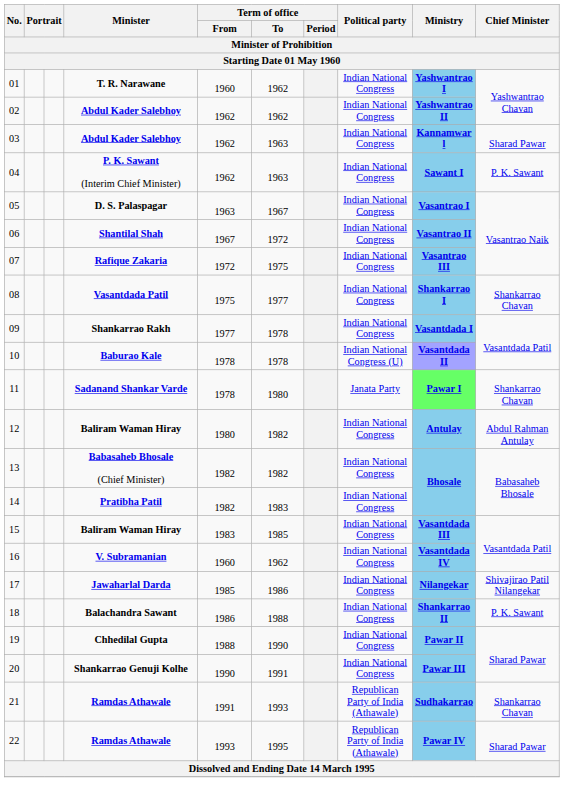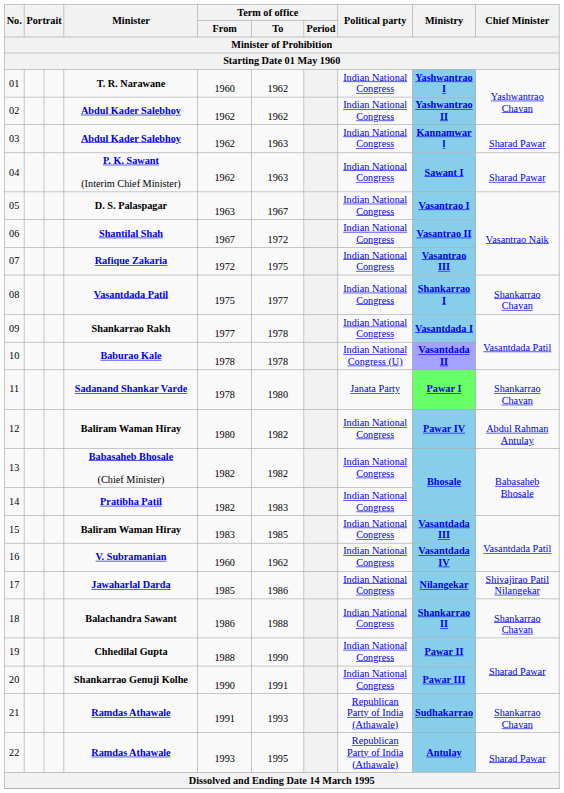 <table class="wikitable" style="text-align:center">
 <tr>
 <th rowspan="2">No.</th>
 <th rowspan="2" colspan="2">Portrait</th>
 <th rowspan="2" style="width:16em">Minister<br></th>
 <th colspan="3">Term of office</th>
 <th rowspan="2" style="width:8em">Political party</th>
 <th rowspan="2">Ministry</th>
 <th rowspan="2" style="width:9em">Chief Minister</th>
 </tr>
 <tr>
 <th style="width:6em">From</th>
 <th style="width:6em">To</th>
 <th>Period</th>
 </tr>
 <tr>
 <th colspan="10">Minister of Prohibition</th>
 </tr>
 <tr>
 <th colspan="10">Starting Date 01 May 1960</th>
 </tr>
 <tr>
 <td>01</td>
 <td style="color:inherit;background:"></td>
 <td></td>
 <td><strong>T. R. Narawane</strong> <br> </td>
 <td><br>1960</td>
 <td><br>1962</td>
 <th></th>
 <td><a href='#'>Indian National Congress</a></td>
 <td bgcolor="#87CEEB"><a href='#'><strong>Yashwantrao I</strong></a></td>
 <td rowspan="2"> <br><a href='#'>Yashwantrao Chavan</a></td>
 </tr>
 <tr>
 <td>02</td>
 <td style="color:inherit;background:"></td>
 <td></td>
 <td><strong><a href='#'>Abdul Kader Salebhoy</a></strong> <br> </td>
 <td><br>1962</td>
 <td><br>1962</td>
 <th></th>
 <td><a href='#'>Indian National Congress</a></td>
 <td bgcolor="#87CEEB"><a href='#'><strong>Yashwantrao II</strong></a></td>
 </tr>
 <tr>
 <td>03</td>
 <td style="color:inherit;background:"></td>
 <td></td>
 <td><strong><a href='#'>Abdul Kader Salebhoy</a></strong> <br> </td>
 <td><br>1962</td>
 <td><br>1963</td>
 <th></th>
 <td><a href='#'>Indian National Congress</a></td>
 <td bgcolor="#87CEEB"><a href='#'><strong>Kannamwar l</strong></a></td>
 <td rowspan="1"><br><a href='#'>Sharad Pawar</a></td>
 </tr>
 <tr>
 <td>04</td>
 <td style="color:inherit;background:"></td>
 <td></td>
 <td><strong><a href='#'>P. K. Sawant</a></strong> <br>  <br>(Interim Chief Minister)</td>
 <td><br>1962</td>
 <td><br>1963</td>
 <th></th>
 <td><a href='#'>Indian National Congress</a></td>
 <td bgcolor="#87CEEB"><a href='#'><strong>Sawant I</strong></a></td>
-<td><a href='#'>P. K. Sawant</a></td>
+<td rowspan="1"><br><a href='#'>Sharad Pawar</a></td>
 </tr>
 <tr>
 <td>05</td>
 <td style="color:inherit;background:"></td>
 <td></td>
 <td><strong>D. S. Palaspagar</strong> <br> </td>
 <td><br>1963</td>
 <td><br>1967</td>
 <th></th>
 <td><a href='#'>Indian National Congress</a></td>
 <td bgcolor="#87CEEB"><a href='#'><strong>Vasantrao I</strong></a></td>
 <td rowspan="3"><br><a href='#'>Vasantrao Naik</a></td>
 </tr>
 <tr>
 <td>06</td>
 <td style="color:inherit;background:"></td>
 <td></td>
 <td><strong><a href='#'>Shantilal Shah</a></strong> <br> </td>
 <td><br>1967</td>
 <td><br>1972</td>
 <th></th>
 <td><a href='#'>Indian National Congress</a></td>
 <td rowspan="1" bgcolor="#87CEEB"><a href='#'><strong>Vasantrao II</strong></a></td>
 </tr>
 <tr>
 <td>07</td>
 <td style="color:inherit;background:"></td>
 <td></td>
 <td><strong><a href='#'>Rafique Zakaria</a></strong> <br> </td>
 <td><br>1972</td>
 <td><br>1975</td>
 <th></th>
 <td><a href='#'>Indian National Congress</a></td>
 <td bgcolor="#87CEEB"><a href='#'><strong>Vasantrao III</strong></a></td>
 </tr>
 <tr>
 <td>08</td>
 <td style="color:inherit;background:"></td>
 <td></td>
 <td><strong><a href='#'>Vasantdada Patil</a></strong> <br> </td>
 <td><br>1975</td>
 <td><br>1977</td>
 <th></th>
 <td><a href='#'>Indian National Congress</a></td>
 <td bgcolor="#87CEEB"><a href='#'><strong>Shankarrao I</strong></a></td>
 <td><br><a href='#'>Shankarrao Chavan</a></td>
 </tr>
 <tr>
 <td>09</td>
 <td style="color:inherit;background:"></td>
 <td></td>
 <td><strong>Shankarrao Rakh</strong> <br> </td>
 <td><br>1977</td>
 <td><br>1978</td>
 <th></th>
 <td><a href='#'>Indian National Congress</a></td>
 <td rowspan="1" bgcolor="#88CEEB"><a href='#'><strong>Vasantdada I</strong></a></td>
 <td rowspan="2"><br><a href='#'>Vasantdada Patil</a></td>
 </tr>
 <tr>
 <td>10</td>
 <td style="color:inherit;background:"></td>
 <td></td>
 <td><strong><a href='#'>Baburao Kale</a></strong> <br> </td>
 <td><br>1978</td>
 <td><br>1978</td>
 <th></th>
 <td><a href='#'>Indian National Congress (U)</a></td>
 <td bgcolor="#A3A3FF"><a href='#'><strong>Vasantdada II</strong></a></td>
 </tr>
 <tr>
 <td>11</td>
 <td style="color:inherit;background:"></td>
 <td></td>
 <td><strong><a href='#'>Sadanand Shankar Varde</a></strong> <br> </td>
 <td><br>1978</td>
 <td><br>1980</td>
 <th></th>
 <td><a href='#'>Janata Party</a></td>
 <td rowspan="1" bgcolor="#66FF66"><a href='#'><strong>Pawar I</strong></a></td>
 <td><br><a href='#'>Shankarrao Chavan</a></td>
 </tr>
 <tr>
 <td>12</td>
 <td style="color:inherit;background:"></td>
 <td></td>
 <td><strong>Baliram Waman Hiray</strong><br> </td>
 <td><br>1980</td>
 <td><br>1982</td>
 <th></th>
 <td><a href='#'>Indian National Congress</a></td>
-<td bgcolor="#87CEEB"><a href='#'><strong>Antulay</strong></a></td>
+<td bgcolor="#87CEEB"><a href='#'><strong>Pawar IV</strong></a></td>
 <td rowspan="1"> <br><a href='#'>Abdul Rahman Antulay</a></td>
 </tr>
 <tr>
 <td>13</td>
 <td style="color:inherit;background:"></td>
 <td></td>
 <td><strong><a href='#'>Babasaheb Bhosale</a></strong> <br> <br>(Chief Minister)</td>
 <td><br>1982</td>
 <td><br>1982</td>
 <th></th>
 <td><a href='#'>Indian National Congress</a></td>
 <td rowspan="2" bgcolor="#87CEEB"><a href='#'><strong>Bhosale</strong></a></td>
 <td rowspan="2"> <br><a href='#'>Babasaheb Bhosale</a></td>
 </tr>
 <tr>
 <td>14</td>
 <td style="color:inherit;background:"></td>
 <td></td>
 <td><strong><a href='#'>Pratibha Patil</a></strong> <br> </td>
 <td><br>1982</td>
 <td><br>1983</td>
 <th></th>
 <td><a href='#'>Indian National Congress</a></td>
 </tr>
 <tr>
 <td>15</td>
 <td style="color:inherit;background:"></td>
 <td></td>
 <td><strong>Baliram Waman Hiray</strong> <br> </td>
 <td><br>1983</td>
 <td><br>1985</td>
 <th></th>
 <td><a href='#'>Indian National Congress</a></td>
 <td bgcolor="#87CEEB"><a href='#'><strong>Vasantdada III</strong></a></td>
 <td rowspan="2"><br><a href='#'>Vasantdada Patil</a></td>
 </tr>
 <tr>
 <td>16</td>
 <td style="color:inherit;background:"></td>
 <td></td>
 <td><strong><a href='#'>V. Subramanian</a></strong>  <br> </td>
 <td><br>1960</td>
 <td><br>1962</td>
 <th></th>
 <td><a href='#'>Indian National Congress</a></td>
 <td bgcolor="#87CEEB"><a href='#'><strong>Vasantdada IV</strong></a></td>
 </tr>
 <tr>
 <td>17</td>
 <td style="color:inherit;background:"></td>
 <td><br></td>
 <td><strong><a href='#'>Jawaharlal Darda</a></strong> <br> </td>
 <td><br>1985</td>
 <td><br>1986</td>
 <th></th>
 <td><a href='#'>Indian National Congress</a></td>
 <td bgcolor="#87CEEB"><a href='#'><strong>Nilangekar</strong></a></td>
 <td><a href='#'>Shivajirao Patil Nilangekar</a></td>
 </tr>
 <tr>
 <td>18</td>
 <td style="color:inherit;background:"></td>
 <td></td>
 <td><strong>Balachandra Sawant</strong> <br> </td>
 <td><br>1986</td>
 <td><br>1988</td>
 <th></th>
 <td><a href='#'>Indian National Congress</a></td>
 <td bgcolor="#87CEEB"><a href='#'><strong>Shankarrao II</strong></a></td>
-<td><a href='#'>P. K. Sawant</a></td>
+<td rowspan="1"> <br><a href='#'>Shankarrao Chavan</a></td>
 </tr>
 <tr>
 <td>19</td>
 <td style="color:inherit;background:"></td>
 <td></td>
 <td><strong>Chhedilal Gupta</strong> <br> </td>
 <td><br>1988</td>
 <td><br>1990</td>
 <th></th>
 <td><a href='#'>Indian National Congress</a></td>
 <td bgcolor="#87CEEB"><a href='#'><strong>Pawar II</strong></a></td>
 <td rowspan="2"> <br><a href='#'>Sharad Pawar</a></td>
 </tr>
 <tr>
 <td>20</td>
 <td style="color:inherit;background:"></td>
 <td></td>
 <td><strong>Shankarrao Genuji Kolhe</strong> <br> </td>
 <td><br>1990</td>
 <td><br>1991</td>
 <th></th>
 <td><a href='#'>Indian National Congress</a></td>
 <td bgcolor="#87CEEB"><a href='#'><strong>Pawar III</strong></a></td>
 </tr>
 <tr>
 <td>21</td>
 <td style="color:inherit;background:"></td>
 <td></td>
 <td><strong><a href='#'>Ramdas Athawale</a></strong> <br> </td>
 <td><br>1991</td>
 <td><br>1993</td>
 <th></th>
 <td><a href='#'>Republican Party of India (Athawale)</a></td>
 <td rowspan="1" bgcolor="#87CEEB"><a href='#'><strong>Sudhakarrao</strong></a></td>
 <td rowspan="1"> <br><a href='#'>Shankarrao Chavan</a></td>
 </tr>
 <tr>
 <td>22</td>
 <td style="color:inherit;background:"></td>
 <td></td>
 <td><strong><a href='#'>Ramdas Athawale</a></strong> <br> </td>
 <td><br>1993</td>
 <td><br>1995</td>
 <th></th>
 <td><a href='#'>Republican Party of India (Athawale)</a></td>
-<td bgcolor="#87CEEB"><a href='#'><strong>Pawar IV</strong></a></td>
+<td bgcolor="#87CEEB"><a href='#'><strong>Antulay</strong></a></td>
 <td> <br><a href='#'>Sharad Pawar</a></td>
 </tr>
 <tr>
 <th colspan="10">Dissolved and Ending Date 14 March 1995</th>
 </tr>
 <tr>
 </tr>
 </table>
